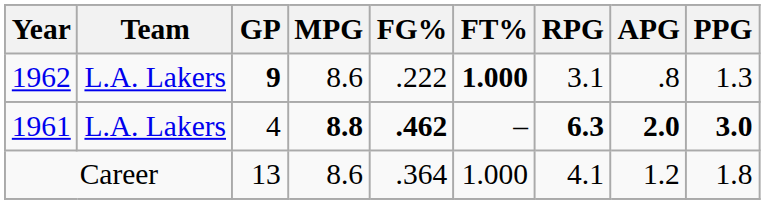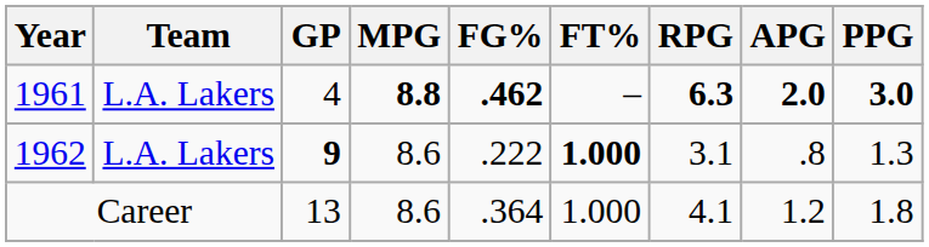 <table class="wikitable sortable" style="font-size:95%; text-align:right;">
 <tr>
 <th>Year</th>
 <th>Team</th>
 <th>GP</th>
 <th>MPG</th>
 <th>FG%</th>
 <th>FT%</th>
 <th>RPG</th>
 <th>APG</th>
 <th>PPG</th>
 </tr>
 <tr>
+<td style="text-align:left;"><a href='#'>1961</a></td>
+<td style="text-align:left;"><a href='#'>L.A. Lakers</a></td>
+<td>4</td>
+<td><strong>8.8</strong></td>
+<td><strong>.462</strong></td>
+<td>–</td>
+<td><strong>6.3</strong></td>
+<td><strong>2.0</strong></td>
+<td><strong>3.0</strong></td>
+</tr>
+<tr>
 <td style="text-align:left;"><a href='#'>1962</a></td>
 <td style="text-align:left;"><a href='#'>L.A. Lakers</a></td>
 <td><strong>9</strong></td>
 <td>8.6</td>
 <td>.222</td>
 <td><strong>1.000</strong></td>
 <td>3.1</td>
 <td>.8</td>
 <td>1.3</td>
-</tr>
-<tr>
-<td style="text-align:left;"><a href='#'>1961</a></td>
-<td style="text-align:left;"><a href='#'>L.A. Lakers</a></td>
-<td>4</td>
-<td><strong>8.8</strong></td>
-<td><strong>.462</strong></td>
-<td>–</td>
-<td><strong>6.3</strong></td>
-<td><strong>2.0</strong></td>
-<td><strong>3.0</strong></td>
 </tr>
 <tr>
 <td colspan="2" style="text-align:center;">Career</td>
 <td>13</td>
 <td>8.6</td>
 <td>.364</td>
 <td>1.000</td>
 <td>4.1</td>
 <td>1.2</td>
 <td>1.8</td>
 </tr>
 </table>
